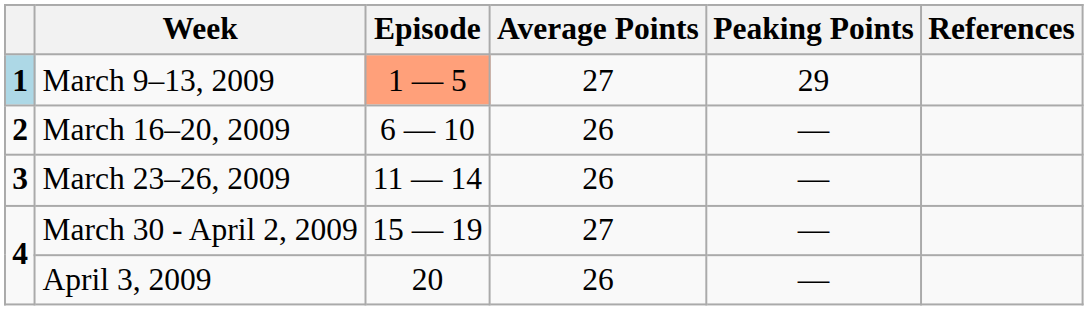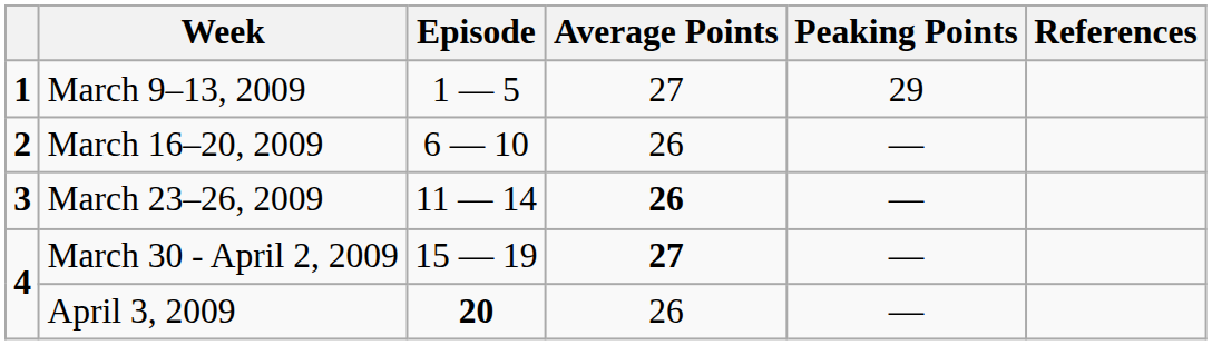 <table class="wikitable">
 <tr>
 <th></th>
 <th>Week</th>
 <th>Episode</th>
 <th>Average Points</th>
 <th>Peaking Points</th>
 <th>References</th>
 </tr>
 <tr>
-<td style="background: lightblue; text-align:center;"><strong>1</strong></td>
+<td style="text-align:center;"><strong>1</strong></td>
 <td>March 9–13, 2009</td>
-<td style="background: lightsalmon; text-align:center;">1 — 5</td>
+<td style="text-align:center;">1 — 5</td>
 <td style="text-align:center;">27</td>
 <td style="text-align:center;">29</td>
 <td></td>
 </tr>
 <tr>
 <td style="text-align:center;"><strong>2</strong></td>
 <td>March 16–20, 2009</td>
 <td style="text-align:center;">6 — 10</td>
 <td style="text-align:center;">26</td>
 <td style="text-align:center;">—</td>
 <td></td>
 </tr>
 <tr>
 <td style="text-align:center;"><strong>3</strong></td>
 <td>March 23–26, 2009</td>
 <td style="text-align:center;">11 — 14</td>
-<td style="text-align:center;">26</td>
+<td style="text-align:center;"><strong>26</strong></td>
 <td style="text-align:center;">—</td>
 <td></td>
 </tr>
 <tr>
 <td rowspan="2" style="text-align:center;"><strong>4</strong></td>
 <td>March 30 - April 2, 2009</td>
 <td style="text-align:center;">15 — 19</td>
-<td style="text-align:center;">27</td>
+<td style="text-align:center;"><strong>27</strong></td>
 <td style="text-align:center;">—</td>
 <td></td>
 </tr>
 <tr>
 <td>April 3, 2009</td>
-<td style="text-align:center;">20</td>
+<td style="text-align:center;"><strong>20</strong></td>
 <td style="text-align:center;">26</td>
 <td style="text-align:center;">—</td>
 <td></td>
 </tr>
 </table>
